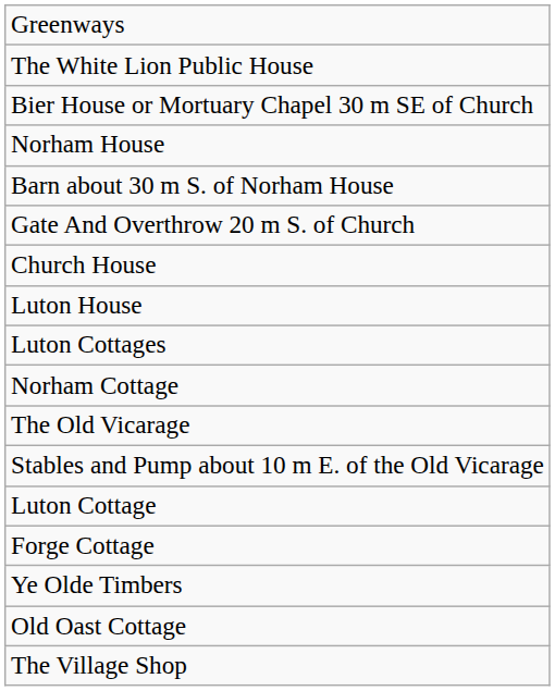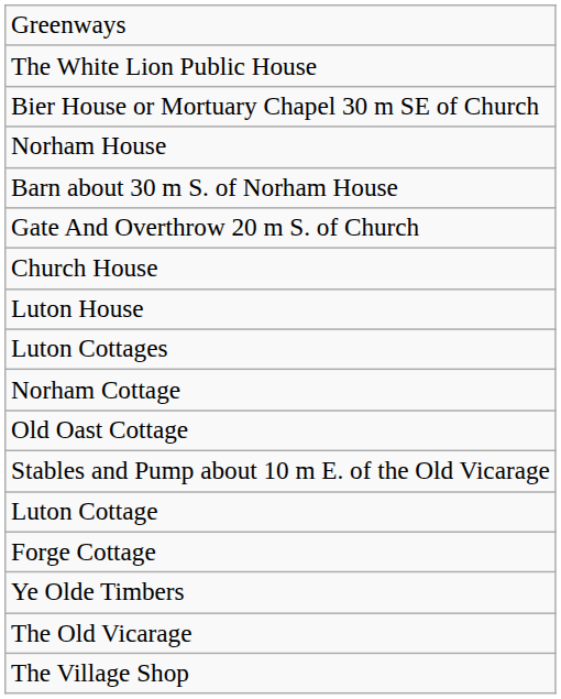 <table class="wikitable">
 <tr>
 <td>Greenways</td>
 </tr>
 <tr>
 <td>The White Lion Public House</td>
 </tr>
 <tr>
 <td>Bier House or Mortuary Chapel 30 m SE of Church</td>
 </tr>
 <tr>
 <td>Norham House</td>
 </tr>
 <tr>
 <td>Barn about 30 m S. of Norham House</td>
 </tr>
 <tr>
 <td>Gate And Overthrow 20 m S. of Church</td>
 </tr>
 <tr>
 <td>Church House</td>
 </tr>
 <tr>
 <td>Luton House</td>
 </tr>
 <tr>
 <td>Luton Cottages</td>
 </tr>
 <tr>
 <td>Norham Cottage</td>
 </tr>
 <tr>
-<td>The Old Vicarage</td>
+<td>Old Oast Cottage</td>
 </tr>
 <tr>
 <td>Stables and Pump about 10 m E. of the Old Vicarage</td>
 </tr>
 <tr>
 <td>Luton Cottage</td>
 </tr>
 <tr>
 <td>Forge Cottage</td>
 </tr>
 <tr>
 <td>Ye Olde Timbers</td>
 </tr>
 <tr>
-<td>Old Oast Cottage</td>
+<td>The Old Vicarage</td>
 </tr>
 <tr>
 <td>The Village Shop</td>
 </tr>
 </table>
